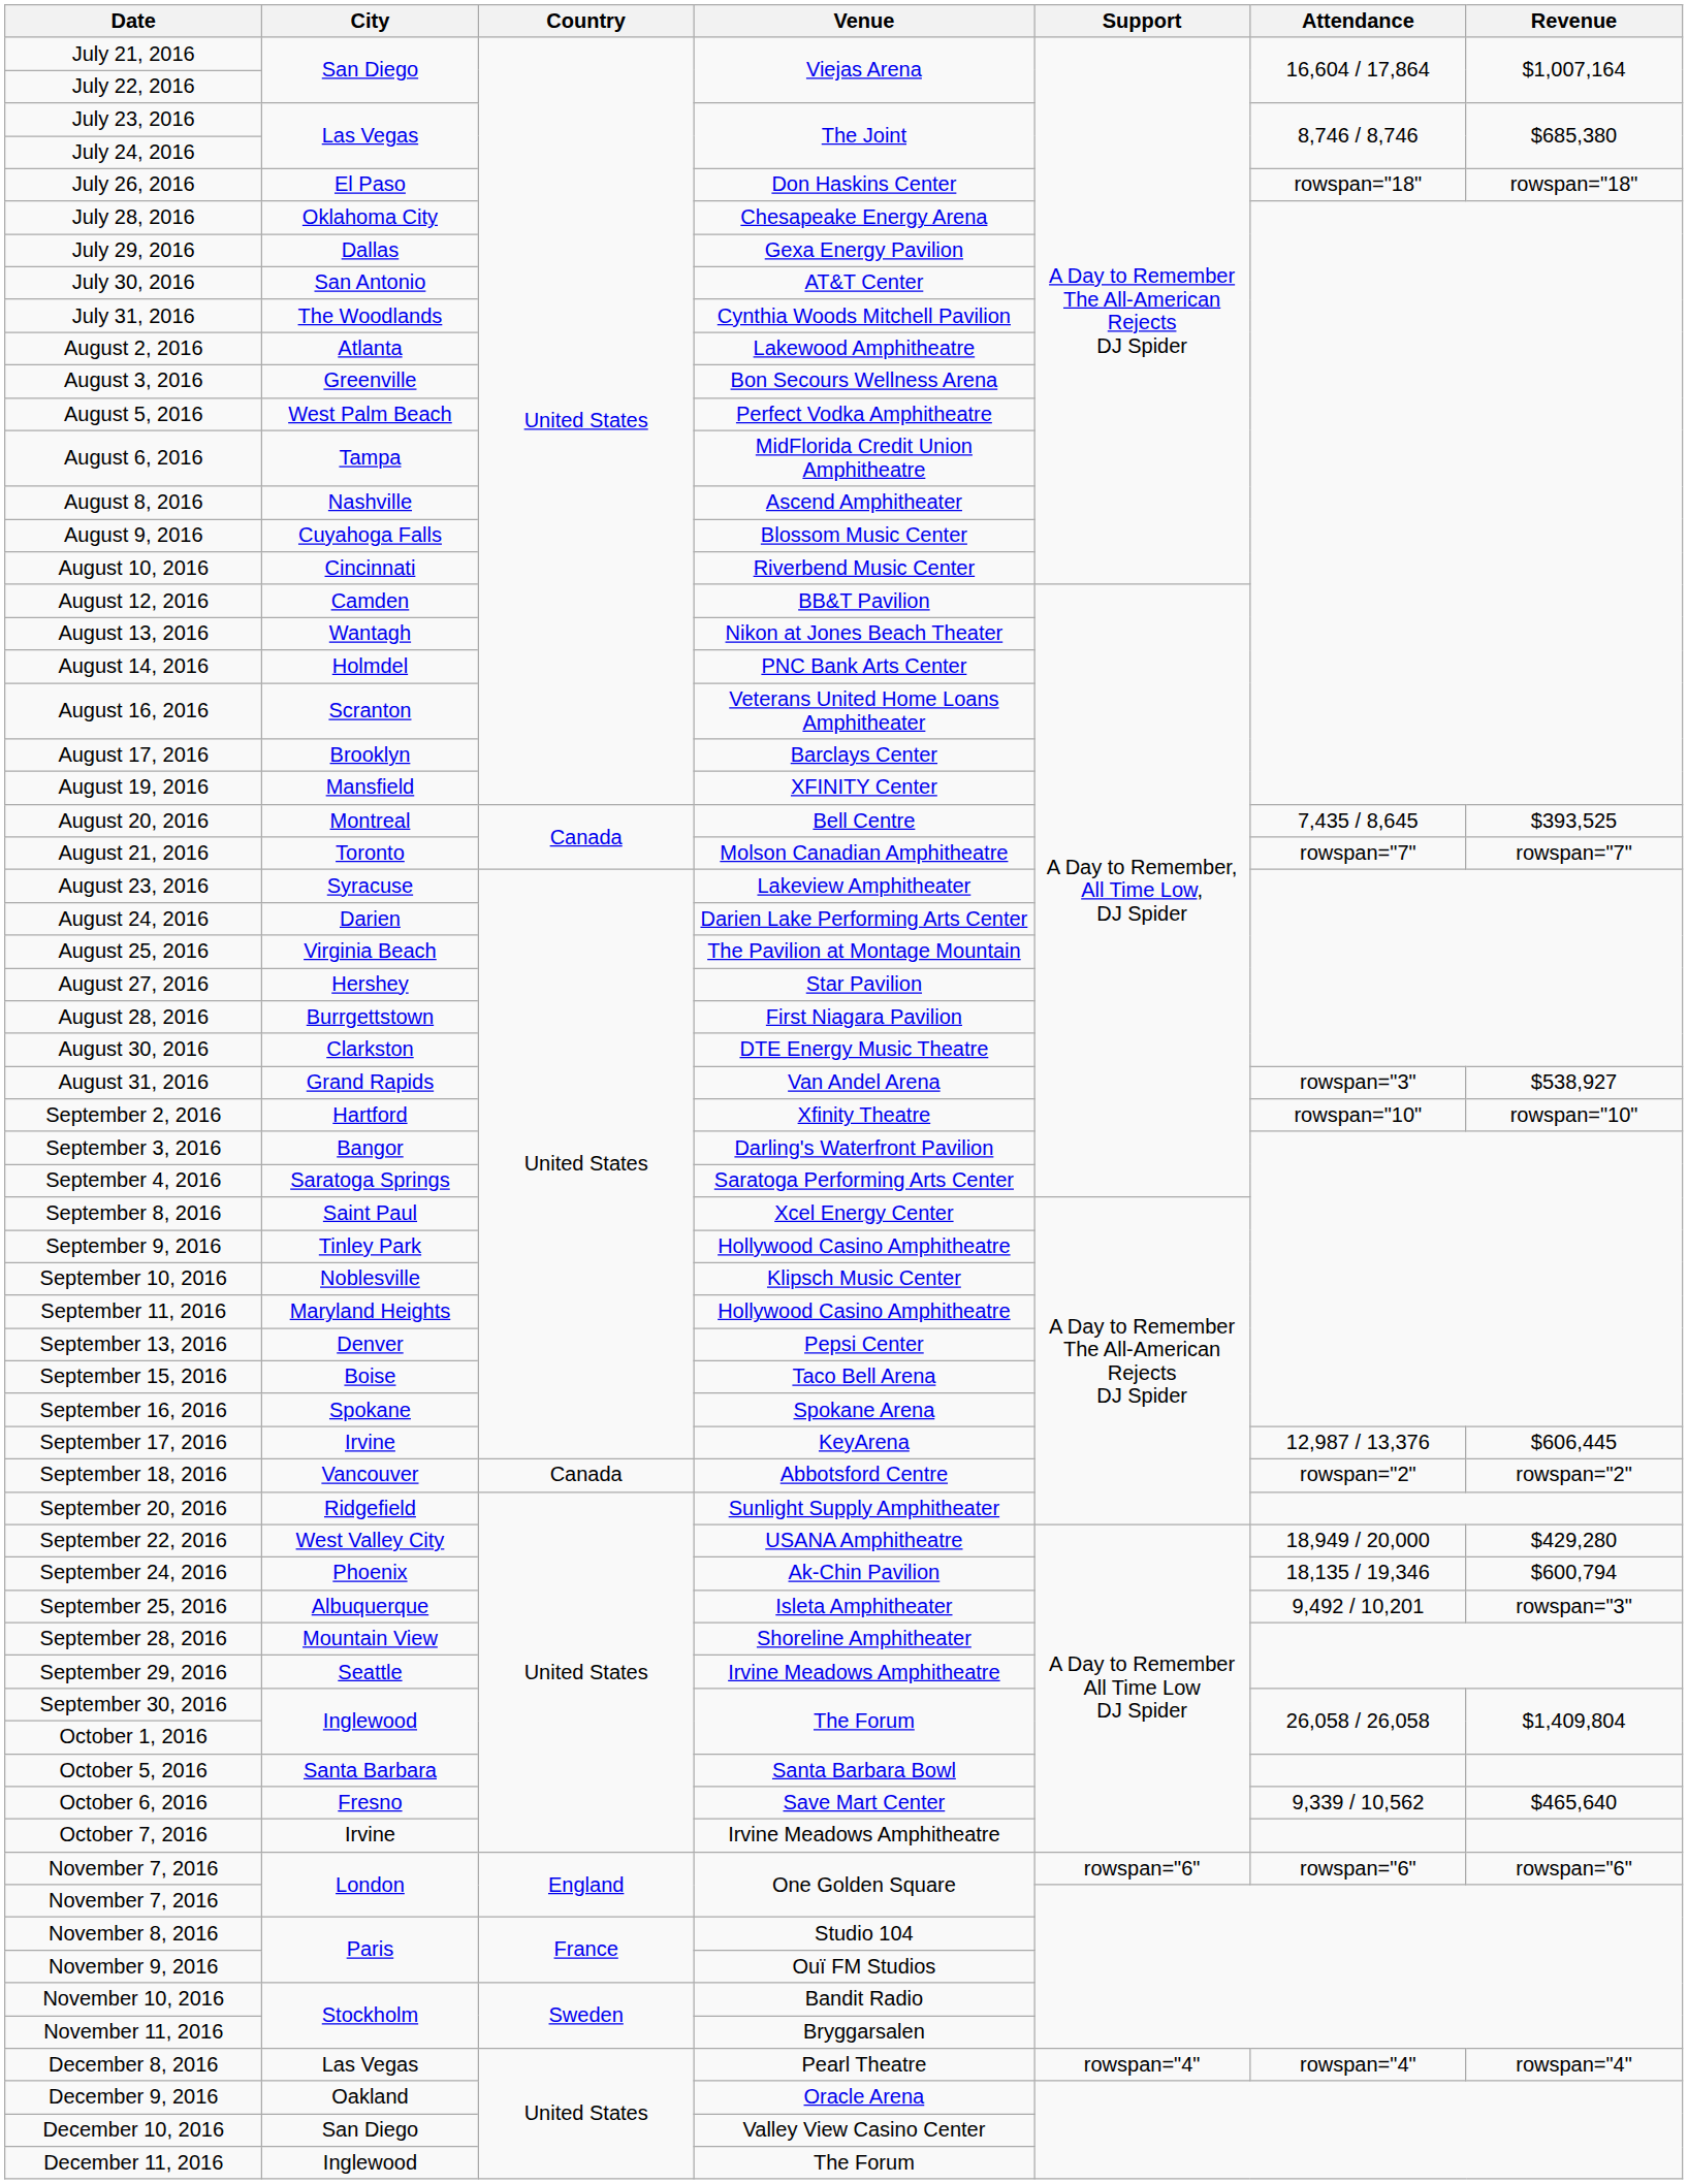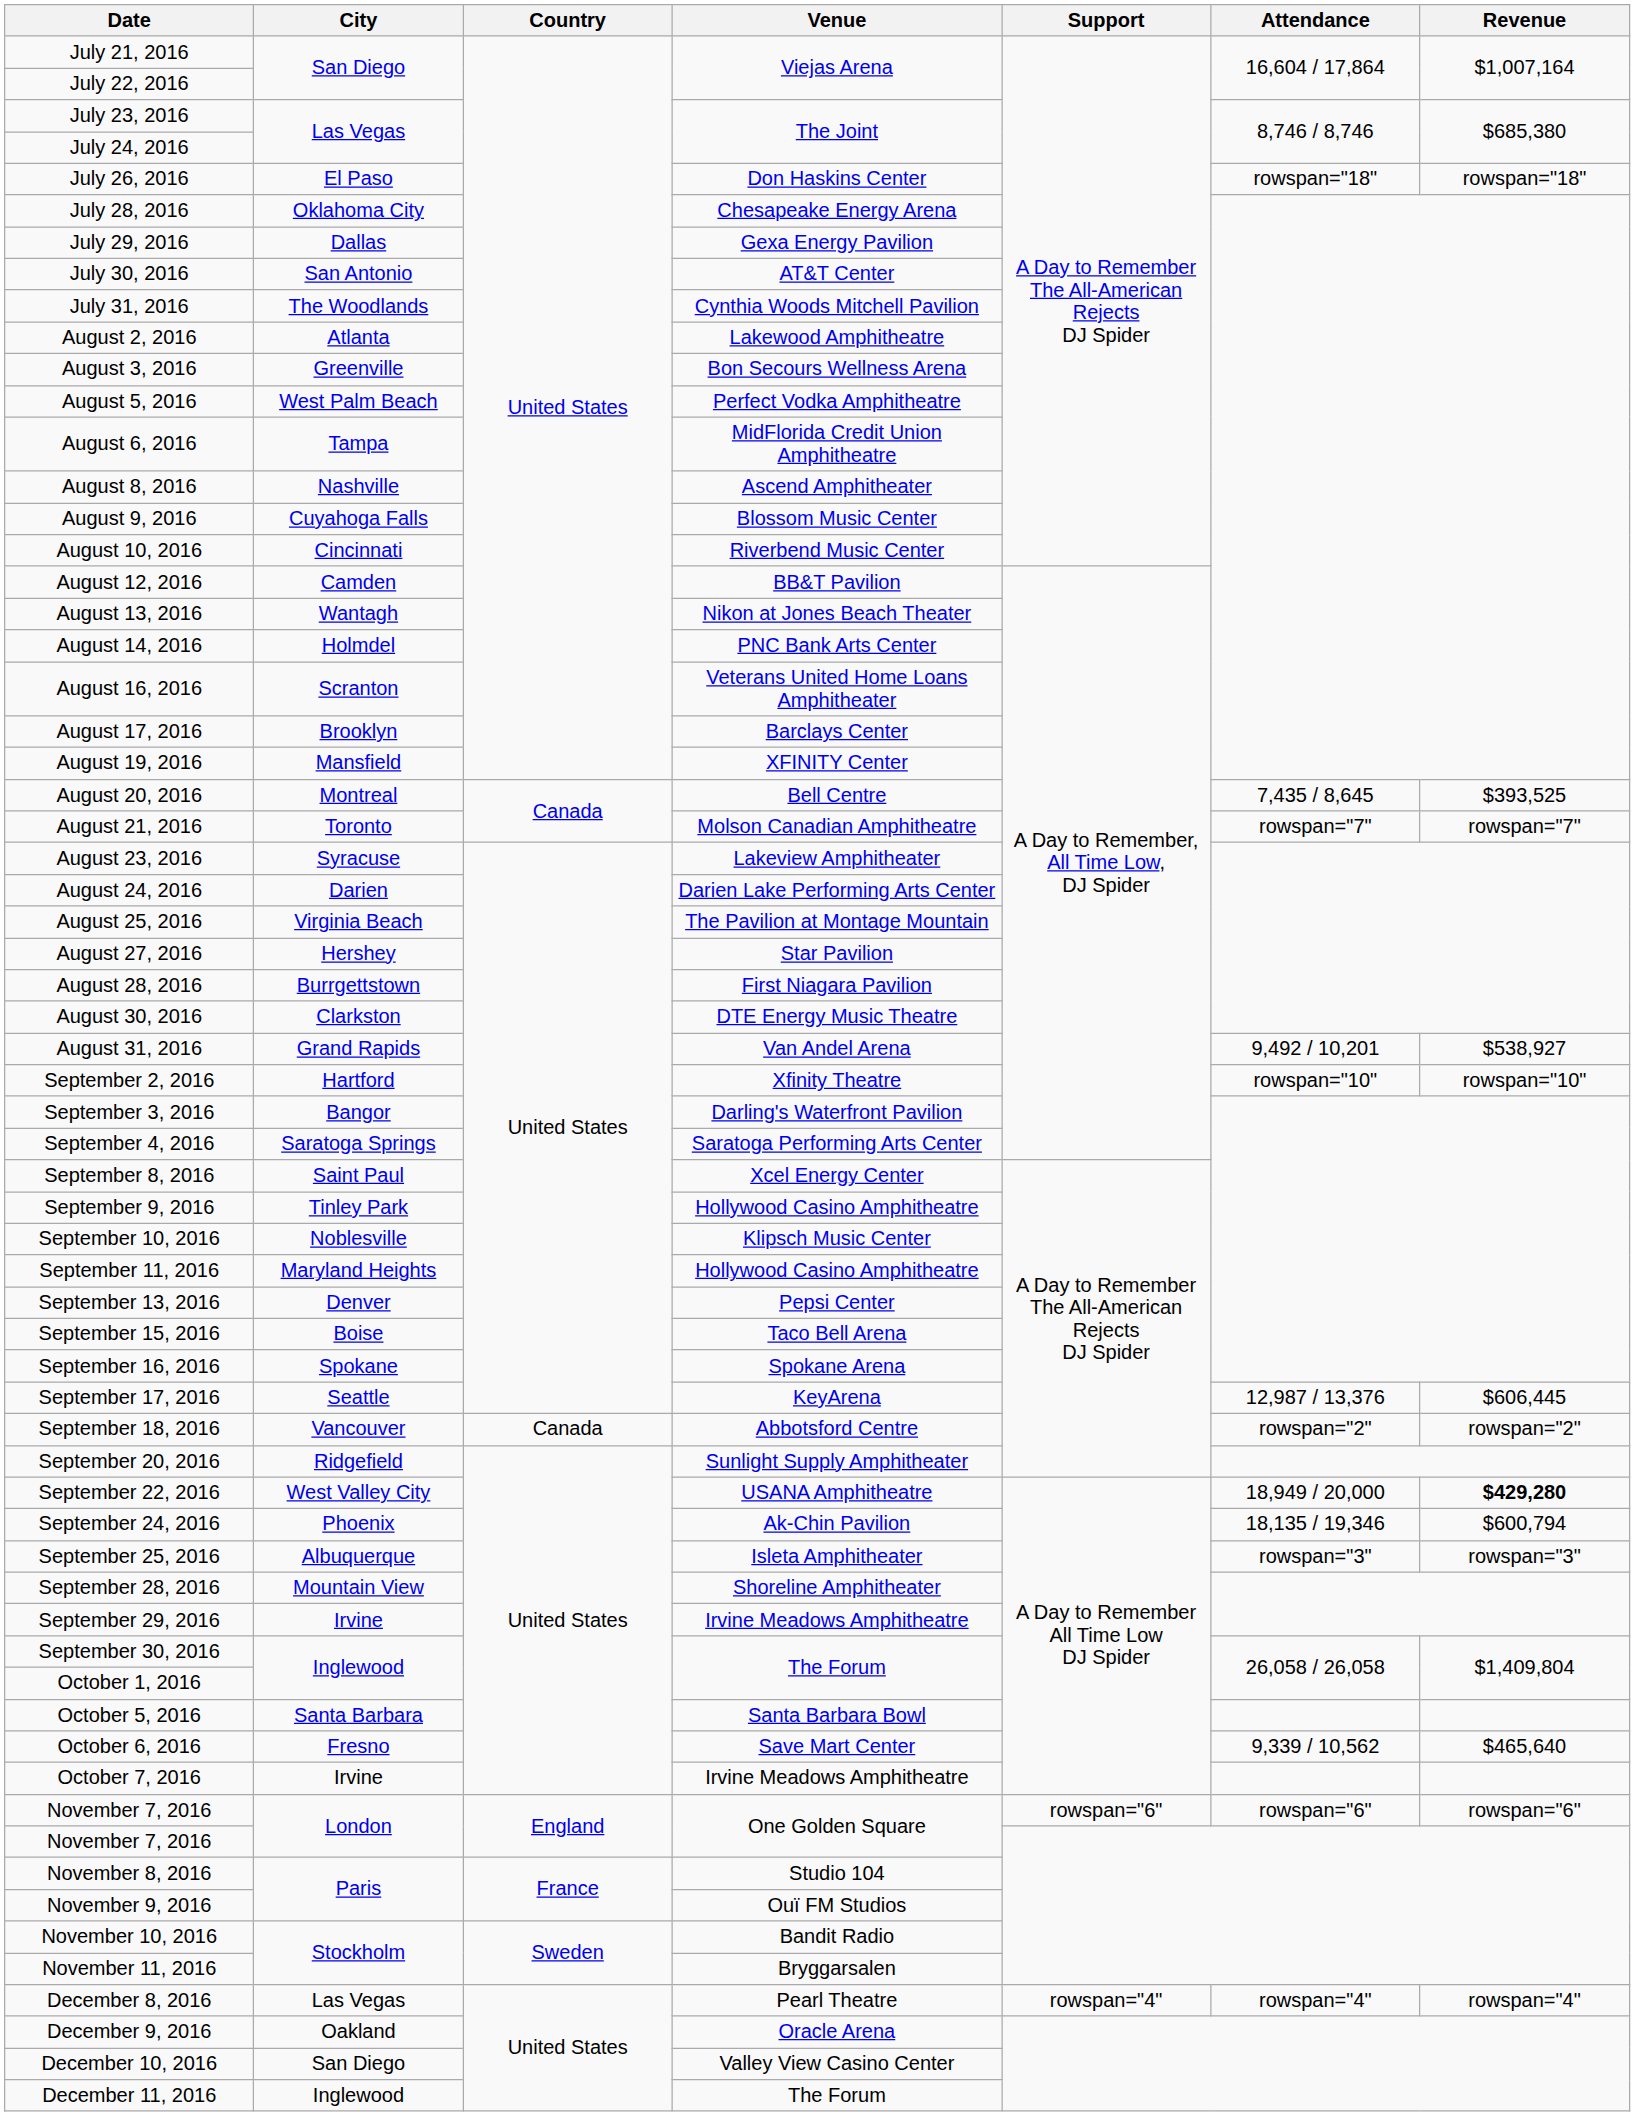 <table class="wikitable plainrowheaders" style="text-align:center;">
 <tr>
 <th scope="col" style="width:12em;">Date</th>
 <th scope="col" style="width:10em;">City</th>
 <th scope="col" style="width:10em;">Country</th>
 <th scope="col" style="width:16em;">Venue</th>
 <th scope="col" style="width:10em;">Support</th>
 <th scope="col" style="width:10em;">Attendance</th>
 <th scope="col" style="width:10em;">Revenue</th>
 </tr>
 <tr>
 <td>July 21, 2016</td>
 <td rowspan="2"><a href='#'>San Diego</a></td>
 <td rowspan="22"><a href='#'>United States</a></td>
 <td rowspan="2"><a href='#'>Viejas Arena</a></td>
 <td rowspan="16"><a href='#'>A Day to Remember</a><br><a href='#'>The All-American Rejects</a><br>DJ Spider</td>
 <td rowspan="2">16,604 / 17,864</td>
 <td rowspan="2">$1,007,164</td>
 </tr>
 <tr>
 <td>July 22, 2016</td>
 </tr>
 <tr>
 <td>July 23, 2016</td>
 <td rowspan="2"><a href='#'>Las Vegas</a></td>
 <td rowspan="2"><a href='#'>The Joint</a></td>
 <td rowspan="2">8,746 / 8,746</td>
 <td rowspan="2">$685,380</td>
 </tr>
 <tr>
 <td>July 24, 2016</td>
 </tr>
 <tr>
 <td>July 26, 2016</td>
 <td><a href='#'>El Paso</a></td>
 <td><a href='#'>Don Haskins Center</a></td>
 <td>rowspan="18" </td>
 <td>rowspan="18" </td>
 </tr>
 <tr>
 <td>July 28, 2016</td>
 <td><a href='#'>Oklahoma City</a></td>
 <td><a href='#'>Chesapeake Energy Arena</a></td>
 </tr>
 <tr>
 <td>July 29, 2016</td>
 <td><a href='#'>Dallas</a></td>
 <td><a href='#'>Gexa Energy Pavilion</a></td>
 </tr>
 <tr>
 <td>July 30, 2016</td>
 <td><a href='#'>San Antonio</a></td>
 <td><a href='#'>AT&T Center</a></td>
 </tr>
 <tr>
 <td>July 31, 2016</td>
 <td><a href='#'>The Woodlands</a></td>
 <td><a href='#'>Cynthia Woods Mitchell Pavilion</a></td>
 </tr>
 <tr>
 <td>August 2, 2016</td>
 <td><a href='#'>Atlanta</a></td>
 <td><a href='#'>Lakewood Amphitheatre</a></td>
 </tr>
 <tr>
 <td>August 3, 2016</td>
 <td><a href='#'>Greenville</a></td>
 <td><a href='#'>Bon Secours Wellness Arena</a></td>
 </tr>
 <tr>
 <td>August 5, 2016</td>
 <td><a href='#'>West Palm Beach</a></td>
 <td><a href='#'>Perfect Vodka Amphitheatre</a></td>
 </tr>
 <tr>
 <td>August 6, 2016</td>
 <td><a href='#'>Tampa</a></td>
 <td><a href='#'>MidFlorida Credit Union Amphitheatre</a></td>
 </tr>
 <tr>
 <td>August 8, 2016</td>
 <td><a href='#'>Nashville</a></td>
 <td><a href='#'>Ascend Amphitheater</a></td>
 </tr>
 <tr>
 <td>August 9, 2016</td>
 <td><a href='#'>Cuyahoga Falls</a></td>
 <td><a href='#'>Blossom Music Center</a></td>
 </tr>
 <tr>
 <td>August 10, 2016</td>
 <td><a href='#'>Cincinnati</a></td>
 <td><a href='#'>Riverbend Music Center</a></td>
 </tr>
 <tr>
 <td>August 12, 2016</td>
 <td><a href='#'>Camden</a></td>
 <td><a href='#'>BB&T Pavilion</a></td>
 <td rowspan="18">A Day to Remember,<br><a href='#'>All Time Low</a>,<br>DJ Spider</td>
 </tr>
 <tr>
 <td>August 13, 2016</td>
 <td><a href='#'>Wantagh</a></td>
 <td><a href='#'>Nikon at Jones Beach Theater</a></td>
 </tr>
 <tr>
 <td>August 14, 2016</td>
 <td><a href='#'>Holmdel</a></td>
 <td><a href='#'>PNC Bank Arts Center</a></td>
 </tr>
 <tr>
 <td>August 16, 2016</td>
 <td><a href='#'>Scranton</a></td>
 <td><a href='#'>Veterans United Home Loans Amphitheater</a></td>
 </tr>
 <tr>
 <td>August 17, 2016</td>
 <td><a href='#'>Brooklyn</a></td>
 <td><a href='#'>Barclays Center</a></td>
 </tr>
 <tr>
 <td>August 19, 2016</td>
 <td><a href='#'>Mansfield</a></td>
 <td><a href='#'>XFINITY Center</a></td>
 </tr>
 <tr>
 <td>August 20, 2016</td>
 <td><a href='#'>Montreal</a></td>
 <td rowspan="2"><a href='#'>Canada</a></td>
 <td><a href='#'>Bell Centre</a></td>
 <td>7,435 / 8,645</td>
 <td>$393,525</td>
 </tr>
 <tr>
 <td>August 21, 2016</td>
 <td><a href='#'>Toronto</a></td>
 <td><a href='#'>Molson Canadian Amphitheatre</a></td>
 <td>rowspan="7" </td>
 <td>rowspan="7" </td>
 </tr>
 <tr>
 <td>August 23, 2016</td>
 <td><a href='#'>Syracuse</a></td>
 <td rowspan="18">United States</td>
 <td><a href='#'>Lakeview Amphitheater</a></td>
 </tr>
 <tr>
 <td>August 24, 2016</td>
 <td><a href='#'>Darien</a></td>
 <td><a href='#'>Darien Lake Performing Arts Center</a></td>
 </tr>
 <tr>
 <td>August 25, 2016</td>
 <td><a href='#'>Virginia Beach</a></td>
 <td><a href='#'>The Pavilion at Montage Mountain</a></td>
 </tr>
 <tr>
 <td>August 27, 2016</td>
 <td><a href='#'>Hershey</a></td>
 <td><a href='#'>Star Pavilion</a></td>
 </tr>
 <tr>
 <td>August 28, 2016</td>
 <td><a href='#'>Burrgettstown</a></td>
 <td><a href='#'>First Niagara Pavilion</a></td>
 </tr>
 <tr>
 <td>August 30, 2016</td>
 <td><a href='#'>Clarkston</a></td>
 <td><a href='#'>DTE Energy Music Theatre</a></td>
 </tr>
 <tr>
 <td>August 31, 2016</td>
 <td><a href='#'>Grand Rapids</a></td>
 <td><a href='#'>Van Andel Arena</a></td>
-<td>rowspan="3" </td>
+<td>9,492 / 10,201</td>
 <td>$538,927</td>
 </tr>
 <tr>
 <td>September 2, 2016</td>
 <td><a href='#'>Hartford</a></td>
 <td><a href='#'>Xfinity Theatre</a></td>
 <td>rowspan="10" </td>
 <td>rowspan="10" </td>
 </tr>
 <tr>
 <td>September 3, 2016</td>
 <td><a href='#'>Bangor</a></td>
 <td><a href='#'>Darling's Waterfront Pavilion</a></td>
 </tr>
 <tr>
 <td>September 4, 2016</td>
 <td><a href='#'>Saratoga Springs</a></td>
 <td><a href='#'>Saratoga Performing Arts Center</a></td>
 </tr>
 <tr>
 <td>September 8, 2016</td>
 <td><a href='#'>Saint Paul</a></td>
 <td><a href='#'>Xcel Energy Center</a></td>
 <td rowspan="10">A Day to Remember<br>The All-American Rejects<br>DJ Spider</td>
 </tr>
 <tr>
 <td>September 9, 2016</td>
 <td><a href='#'>Tinley Park</a></td>
 <td><a href='#'>Hollywood Casino Amphitheatre</a></td>
 </tr>
 <tr>
 <td>September 10, 2016</td>
 <td><a href='#'>Noblesville</a></td>
 <td><a href='#'>Klipsch Music Center</a></td>
 </tr>
 <tr>
 <td>September 11, 2016</td>
 <td><a href='#'>Maryland Heights</a></td>
 <td><a href='#'>Hollywood Casino Amphitheatre</a></td>
 </tr>
 <tr>
 <td>September 13, 2016</td>
 <td><a href='#'>Denver</a></td>
 <td><a href='#'>Pepsi Center</a></td>
 </tr>
 <tr>
 <td>September 15, 2016</td>
 <td><a href='#'>Boise</a></td>
 <td><a href='#'>Taco Bell Arena</a></td>
 </tr>
 <tr>
 <td>September 16, 2016</td>
 <td><a href='#'>Spokane</a></td>
 <td><a href='#'>Spokane Arena</a></td>
 </tr>
 <tr>
 <td>September 17, 2016</td>
-<td><a href='#'>Irvine</a></td>
+<td><a href='#'>Seattle</a></td>
 <td><a href='#'>KeyArena</a></td>
 <td>12,987 / 13,376</td>
 <td>$606,445</td>
 </tr>
 <tr>
 <td>September 18, 2016</td>
 <td><a href='#'>Vancouver</a></td>
 <td>Canada</td>
 <td><a href='#'>Abbotsford Centre</a></td>
 <td>rowspan="2" </td>
 <td>rowspan="2" </td>
 </tr>
 <tr>
 <td>September 20, 2016</td>
 <td><a href='#'>Ridgefield</a></td>
 <td rowspan="11">United States</td>
 <td><a href='#'>Sunlight Supply Amphitheater</a></td>
 </tr>
 <tr>
 <td>September 22, 2016</td>
 <td><a href='#'>West Valley City</a></td>
 <td><a href='#'>USANA Amphitheatre</a></td>
 <td rowspan="10">A Day to Remember<br>All Time Low<br>DJ Spider</td>
 <td>18,949 / 20,000</td>
-<td>$429,280</td>
+<td><strong>$429,280</strong></td>
 </tr>
 <tr>
 <td>September 24, 2016</td>
 <td><a href='#'>Phoenix</a></td>
 <td><a href='#'>Ak-Chin Pavilion</a></td>
 <td>18,135 / 19,346</td>
 <td>$600,794</td>
 </tr>
 <tr>
 <td>September 25, 2016</td>
 <td><a href='#'>Albuquerque</a></td>
 <td><a href='#'>Isleta Amphitheater</a></td>
-<td>9,492 / 10,201</td>
+<td>rowspan="3" </td>
 <td>rowspan="3" </td>
 </tr>
 <tr>
 <td>September 28, 2016</td>
 <td><a href='#'>Mountain View</a></td>
 <td><a href='#'>Shoreline Amphitheater</a></td>
 </tr>
 <tr>
 <td>September 29, 2016</td>
-<td><a href='#'>Seattle</a></td>
+<td><a href='#'>Irvine</a></td>
 <td><a href='#'>Irvine Meadows Amphitheatre</a></td>
 </tr>
 <tr>
 <td>September 30, 2016</td>
 <td rowspan="2"><a href='#'>Inglewood</a></td>
 <td rowspan="2"><a href='#'>The Forum</a></td>
 <td rowspan="2">26,058 / 26,058</td>
 <td rowspan="2">$1,409,804</td>
 </tr>
 <tr>
 <td>October 1, 2016</td>
 </tr>
 <tr>
 <td>October 5, 2016</td>
 <td><a href='#'>Santa Barbara</a></td>
 <td><a href='#'>Santa Barbara Bowl</a></td>
 <td></td>
 <td></td>
 </tr>
 <tr>
 <td>October 6, 2016</td>
 <td><a href='#'>Fresno</a></td>
 <td><a href='#'>Save Mart Center</a></td>
 <td>9,339 / 10,562</td>
 <td>$465,640</td>
 </tr>
 <tr>
 <td>October 7, 2016</td>
 <td>Irvine</td>
 <td>Irvine Meadows Amphitheatre</td>
 <td></td>
 <td></td>
 </tr>
 <tr>
 <td>November 7, 2016</td>
 <td rowspan="2"><a href='#'>London</a></td>
 <td rowspan="2"><a href='#'>England</a></td>
 <td rowspan="2">One Golden Square</td>
 <td>rowspan="6" </td>
 <td>rowspan="6" </td>
 <td>rowspan="6" </td>
 </tr>
 <tr>
 <td>November 7, 2016</td>
 </tr>
 <tr>
 <td>November 8, 2016</td>
 <td rowspan="2"><a href='#'>Paris</a></td>
 <td rowspan="2"><a href='#'>France</a></td>
 <td>Studio 104</td>
 </tr>
 <tr>
 <td>November 9, 2016</td>
 <td>Ouï FM Studios</td>
 </tr>
 <tr>
 <td>November 10, 2016</td>
 <td rowspan="2"><a href='#'>Stockholm</a></td>
 <td rowspan="2"><a href='#'>Sweden</a></td>
 <td>Bandit Radio</td>
 </tr>
 <tr>
 <td>November 11, 2016</td>
 <td>Bryggarsalen</td>
 </tr>
 <tr>
 <td>December 8, 2016</td>
 <td>Las Vegas</td>
 <td rowspan="4">United States</td>
 <td>Pearl Theatre</td>
 <td>rowspan="4" </td>
 <td>rowspan="4" </td>
 <td>rowspan="4" </td>
 </tr>
 <tr>
 <td>December 9, 2016</td>
 <td>Oakland</td>
 <td><a href='#'>Oracle Arena</a></td>
 </tr>
 <tr>
 <td>December 10, 2016</td>
 <td>San Diego</td>
 <td>Valley View Casino Center</td>
 </tr>
 <tr>
 <td>December 11, 2016</td>
 <td>Inglewood</td>
 <td>The Forum</td>
 </tr>
 </table>
